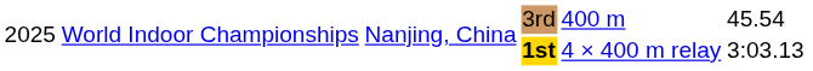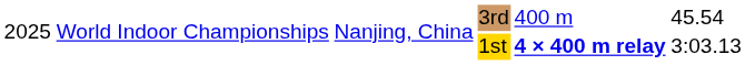 <table>
 <tr>
 <td rowspan=2>2025</td>
 <td rowspan=2><a href='#'>World Indoor Championships</a></td>
 <td rowspan=2><a href='#'>Nanjing, China</a></td>
 <td bgcolor=cc9966>3rd</td>
 <td><a href='#'>400 m</a></td>
 <td>45.54</td>
 <td></td>
 <td></td>
 </tr>
 <tr>
-<td bgcolor=gold><strong>1st</strong></td>
-<td><a href='#'>4 × 400 m relay</a></td>
+<td bgcolor=gold>1st</td>
+<td><strong><a href='#'>4 × 400 m relay</a></strong></td>
 <td>3:03.13</td>
 <td></td>
 <td></td>
 </tr>
 </table>
